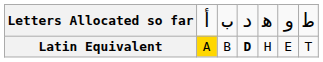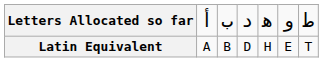 <table class=wikitable style="text-align:center;">
 <tr>
 <th>Letters Allocated so far</th>
 <td style="font-size:150%">أ</td>
 <td style="font-size:150%">ب</td>
 <td style="font-size:150%">د</td>
 <td style="font-size:150%">ﻫ</td>
 <td style="font-size:150%">و</td>
 <td style="font-size:150%">ط</td>
 </tr>
 <tr>
 <th>Latin Equivalent</th>
-<td style="background: gold;">A</td>
+<td>A</td>
 <td>B</td>
-<td><strong>D</strong></td>
+<td>D</td>
 <td>H</td>
 <td>E</td>
 <td>T</td>
 </tr>
 </table>
